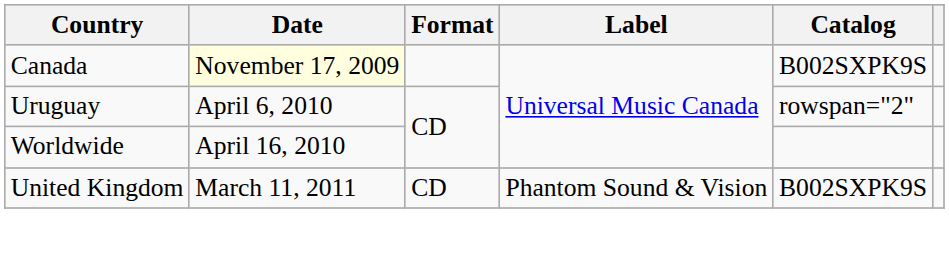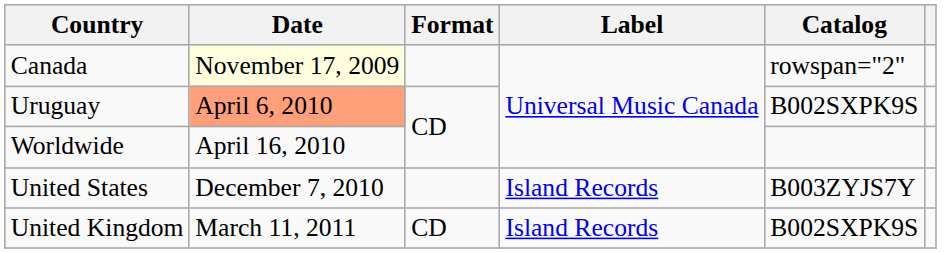 <table class="wikitable">
 <tr>
 <th>Country</th>
 <th>Date</th>
 <th>Format</th>
 <th>Label</th>
 <th>Catalog </th>
 <th></th>
 </tr>
 <tr>
 <td>Canada</td>
 <td style="background: lightyellow;">November 17, 2009</td>
 <td></td>
 <td rowspan="3"><a href='#'>Universal Music Canada</a></td>
-<td>B002SXPK9S</td>
+<td>rowspan="2" </td>
 <td></td>
 </tr>
 <tr>
 <td>Uruguay</td>
-<td>April 6, 2010</td>
+<td style="background: lightsalmon;">April 6, 2010</td>
 <td rowspan="2">CD</td>
-<td>rowspan="2" </td>
+<td>B002SXPK9S</td>
 <td></td>
 </tr>
 <tr>
 <td>Worldwide</td>
 <td>April 16, 2010</td>
 <td></td>
 </tr>
 <tr>
+<td>United States</td>
+<td>December 7, 2010</td>
+<td></td>
+<td><a href='#'>Island Records</a></td>
+<td>B003ZYJS7Y</td>
+<td></td>
+</tr>
+<tr>
 <td>United Kingdom</td>
 <td>March 11, 2011</td>
 <td>CD</td>
-<td>Phantom Sound & Vision</td>
+<td><a href='#'>Island Records</a></td>
 <td>B002SXPK9S</td>
 <td></td>
 </tr>
 </table>
